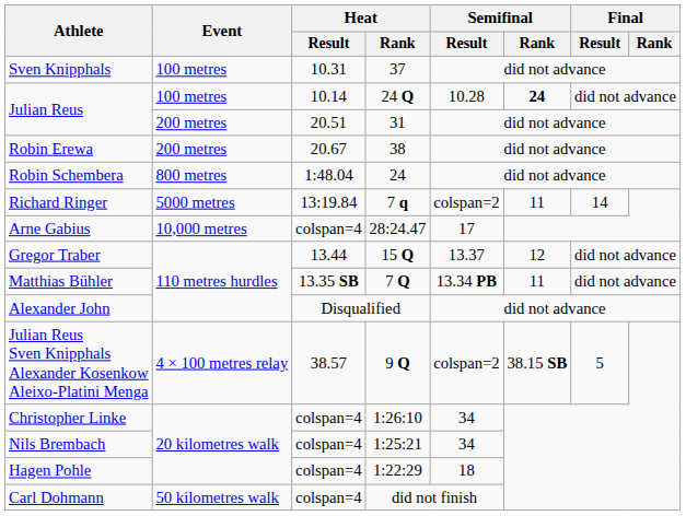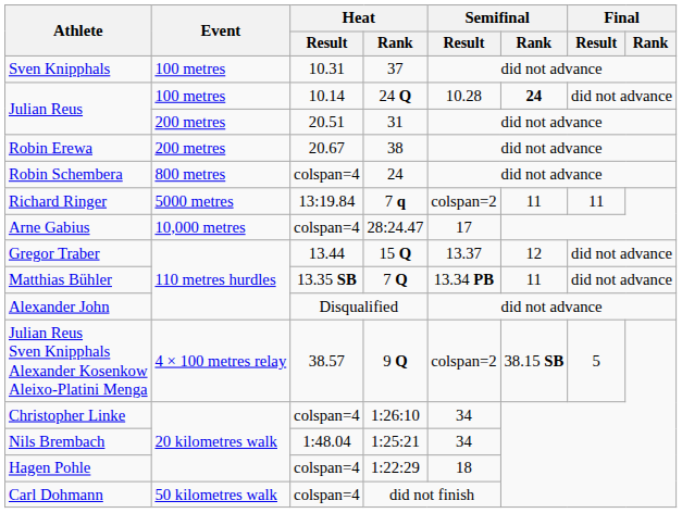 <table class="wikitable" style="font-size:90%">
 <tr>
 <th rowspan="2">Athlete</th>
 <th rowspan="2">Event</th>
 <th colspan="2">Heat</th>
 <th colspan="2">Semifinal</th>
 <th colspan="2">Final</th>
 </tr>
 <tr style="font-size:95%">
 <th>Result</th>
 <th>Rank</th>
 <th>Result</th>
 <th>Rank</th>
 <th>Result</th>
 <th>Rank</th>
 </tr>
 <tr style=text-align:center>
 <td style=text-align:left><a href='#'>Sven Knipphals</a></td>
 <td style=text-align:left><a href='#'>100 metres</a></td>
 <td>10.31</td>
 <td>37</td>
 <td colspan=4>did not advance</td>
 </tr>
 <tr style=text-align:center>
 <td style=text-align:left rowspan=2><a href='#'>Julian Reus</a></td>
 <td style=text-align:left><a href='#'>100 metres</a></td>
 <td>10.14</td>
 <td>24 <strong>Q</strong></td>
 <td>10.28</td>
 <td><strong>24</strong></td>
 <td colspan=2>did not advance</td>
 </tr>
 <tr style=text-align:center>
 <td style=text-align:left><a href='#'>200 metres</a></td>
 <td>20.51</td>
 <td>31</td>
 <td colspan=4>did not advance</td>
 </tr>
 <tr style=text-align:center>
 <td style=text-align:left><a href='#'>Robin Erewa</a></td>
 <td style=text-align:left><a href='#'>200 metres</a></td>
 <td>20.67</td>
 <td>38</td>
 <td colspan=4>did not advance</td>
 </tr>
 <tr style=text-align:center>
 <td style=text-align:left><a href='#'>Robin Schembera</a></td>
 <td style=text-align:left><a href='#'>800 metres</a></td>
-<td>1:48.04</td>
+<td>colspan=4 </td>
 <td>24</td>
 <td colspan=4>did not advance</td>
 </tr>
 <tr style=text-align:center>
 <td style=text-align:left><a href='#'>Richard Ringer</a></td>
 <td style=text-align:left><a href='#'>5000 metres</a></td>
 <td>13:19.84</td>
 <td>7 <strong>q</strong></td>
 <td>colspan=2 </td>
 <td>11</td>
-<td>14</td>
+<td>11</td>
 </tr>
 <tr style=text-align:center>
 <td style=text-align:left><a href='#'>Arne Gabius</a></td>
 <td style=text-align:left><a href='#'>10,000 metres</a></td>
 <td>colspan=4 </td>
 <td>28:24.47</td>
 <td>17</td>
 </tr>
 <tr style=text-align:center>
 <td style=text-align:left><a href='#'>Gregor Traber</a></td>
 <td style=text-align:left rowspan=3><a href='#'>110 metres hurdles</a></td>
 <td>13.44</td>
 <td>15 <strong>Q</strong></td>
 <td>13.37</td>
 <td>12</td>
 <td colspan=2>did not advance</td>
 </tr>
 <tr style=text-align:center>
 <td style=text-align:left><a href='#'>Matthias Bühler</a></td>
 <td>13.35 <strong>SB</strong></td>
 <td>7 <strong>Q</strong></td>
 <td>13.34 <strong>PB</strong></td>
 <td>11</td>
 <td colspan=2>did not advance</td>
 </tr>
 <tr style=text-align:center>
 <td style=text-align:left><a href='#'>Alexander John</a></td>
 <td colspan=2>Disqualified</td>
 <td colspan=4>did not advance</td>
 </tr>
 <tr style=text-align:center>
 <td style=text-align:left><a href='#'>Julian Reus</a><br><a href='#'>Sven Knipphals</a><br><a href='#'>Alexander Kosenkow</a><br><a href='#'>Aleixo-Platini Menga</a></td>
 <td style=text-align:left><a href='#'>4 × 100 metres relay</a></td>
 <td>38.57</td>
 <td>9 <strong>Q</strong></td>
 <td>colspan=2 </td>
 <td>38.15 <strong>SB</strong></td>
 <td>5</td>
 </tr>
 <tr style=text-align:center>
 <td style=text-align:left><a href='#'>Christopher Linke</a></td>
 <td style=text-align:left rowspan=3><a href='#'>20 kilometres walk</a></td>
 <td>colspan=4 </td>
 <td>1:26:10</td>
 <td>34</td>
 </tr>
 <tr style=text-align:center>
 <td style=text-align:left><a href='#'>Nils Brembach</a></td>
-<td>colspan=4 </td>
+<td>1:48.04</td>
 <td>1:25:21</td>
 <td>34</td>
 </tr>
 <tr style=text-align:center>
 <td style=text-align:left><a href='#'>Hagen Pohle</a></td>
 <td>colspan=4 </td>
 <td>1:22:29</td>
 <td>18</td>
 </tr>
 <tr style=text-align:center>
 <td style=text-align:left><a href='#'>Carl Dohmann</a></td>
 <td style=text-align:left><a href='#'>50 kilometres walk</a></td>
 <td>colspan=4 </td>
 <td colspan=2>did not finish</td>
 </tr>
 </table>
